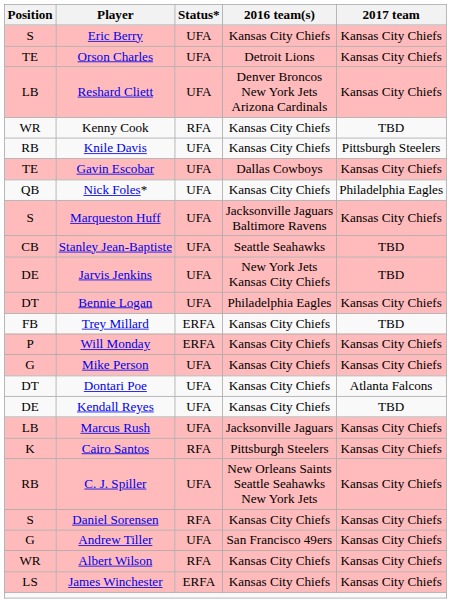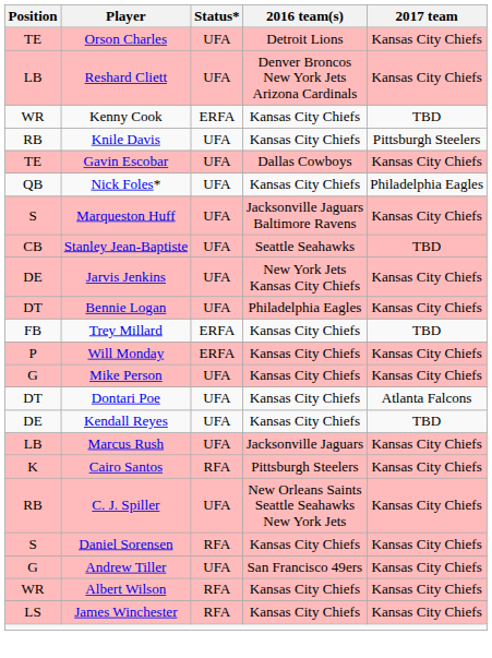 <table class="wikitable sortable">
 <tr>
 <th>Position</th>
 <th>Player</th>
 <th>Status*</th>
 <th>2016 team(s)</th>
 <th>2017 team</th>
-</tr>
-<tr style="text-align:center; background:#fbb">
-<td>S</td>
-<td><a href='#'>Eric Berry</a></td>
-<td>UFA</td>
-<td>Kansas City Chiefs</td>
-<td>Kansas City Chiefs</td>
 </tr>
 <tr style="text-align:center; background:#fbb">
 <td>TE</td>
 <td><a href='#'>Orson Charles</a></td>
 <td>UFA</td>
 <td>Detroit Lions</td>
 <td>Kansas City Chiefs</td>
 </tr>
 <tr style="text-align:center; background:#fbb">
 <td>LB</td>
 <td><a href='#'>Reshard Cliett</a></td>
 <td>UFA</td>
 <td>Denver Broncos<br>New York Jets<br>Arizona Cardinals</td>
 <td>Kansas City Chiefs</td>
 </tr>
 <tr style="text-align:center">
 <td>WR</td>
 <td>Kenny Cook</td>
-<td>RFA</td>
+<td>ERFA</td>
 <td>Kansas City Chiefs</td>
 <td>TBD</td>
 </tr>
 <tr style="text-align:center">
 <td>RB</td>
 <td><a href='#'>Knile Davis</a></td>
 <td>UFA</td>
 <td>Kansas City Chiefs</td>
 <td>Pittsburgh Steelers</td>
 </tr>
 <tr style="text-align:center; background:#fbb">
 <td>TE</td>
 <td><a href='#'>Gavin Escobar</a></td>
 <td>UFA</td>
 <td>Dallas Cowboys</td>
 <td>Kansas City Chiefs</td>
 </tr>
 <tr style="text-align:center">
 <td>QB</td>
 <td><a href='#'>Nick Foles</a>*</td>
 <td>UFA</td>
 <td>Kansas City Chiefs</td>
 <td>Philadelphia Eagles</td>
 </tr>
 <tr style="text-align:center; background:#fbb">
 <td>S</td>
 <td><a href='#'>Marqueston Huff</a></td>
 <td>UFA</td>
 <td>Jacksonville Jaguars<br>Baltimore Ravens</td>
 <td>Kansas City Chiefs</td>
 </tr>
 <tr style="text-align:center; background:#fbb">
 <td>CB</td>
 <td><a href='#'>Stanley Jean-Baptiste</a></td>
 <td>UFA</td>
 <td>Seattle Seahawks</td>
 <td>TBD</td>
 </tr>
 <tr style="text-align:center; background:#fbb">
 <td>DE</td>
 <td><a href='#'>Jarvis Jenkins</a></td>
 <td>UFA</td>
 <td>New York Jets<br>Kansas City Chiefs</td>
-<td>TBD</td>
+<td>Kansas City Chiefs</td>
 </tr>
 <tr style="text-align:center; background:#fbb">
 <td>DT</td>
 <td><a href='#'>Bennie Logan</a></td>
 <td>UFA</td>
 <td>Philadelphia Eagles</td>
 <td>Kansas City Chiefs</td>
 </tr>
 <tr style="text-align:center">
 <td>FB</td>
 <td><a href='#'>Trey Millard</a></td>
 <td>ERFA</td>
 <td>Kansas City Chiefs</td>
 <td>TBD</td>
 </tr>
 <tr style="text-align:center; background:#fbb">
 <td>P</td>
 <td><a href='#'>Will Monday</a></td>
 <td>ERFA</td>
 <td>Kansas City Chiefs</td>
 <td>Kansas City Chiefs</td>
 </tr>
 <tr style="text-align:center; background:#fbb">
 <td>G</td>
 <td><a href='#'>Mike Person</a></td>
 <td>UFA</td>
 <td>Kansas City Chiefs</td>
 <td>Kansas City Chiefs</td>
 </tr>
 <tr style="text-align:center">
 <td>DT</td>
 <td><a href='#'>Dontari Poe</a></td>
 <td>UFA</td>
 <td>Kansas City Chiefs</td>
 <td>Atlanta Falcons</td>
 </tr>
 <tr style="text-align:center">
 <td>DE</td>
 <td><a href='#'>Kendall Reyes</a></td>
 <td>UFA</td>
 <td>Kansas City Chiefs</td>
 <td>TBD</td>
 </tr>
 <tr style="text-align:center; background:#fbb">
 <td>LB</td>
 <td><a href='#'>Marcus Rush</a></td>
 <td>UFA</td>
 <td>Jacksonville Jaguars</td>
 <td>Kansas City Chiefs</td>
 </tr>
 <tr style="text-align:center; background:#fbb">
 <td>K</td>
 <td><a href='#'>Cairo Santos</a></td>
 <td>RFA</td>
 <td>Pittsburgh Steelers</td>
 <td>Kansas City Chiefs</td>
 </tr>
 <tr style="text-align:center; background:#fbb">
 <td>RB</td>
 <td><a href='#'>C. J. Spiller</a></td>
 <td>UFA</td>
 <td>New Orleans Saints<br>Seattle Seahawks<br>New York Jets</td>
 <td>Kansas City Chiefs</td>
 </tr>
 <tr style="text-align:center; background:#fbb">
 <td>S</td>
 <td><a href='#'>Daniel Sorensen</a></td>
 <td>RFA</td>
 <td>Kansas City Chiefs</td>
 <td>Kansas City Chiefs</td>
 </tr>
 <tr style="text-align:center; background:#fbb">
 <td>G</td>
 <td><a href='#'>Andrew Tiller</a></td>
 <td>UFA</td>
 <td>San Francisco 49ers</td>
 <td>Kansas City Chiefs</td>
 </tr>
 <tr style="text-align:center; background:#fbb">
 <td>WR</td>
 <td><a href='#'>Albert Wilson</a></td>
 <td>RFA</td>
 <td>Kansas City Chiefs</td>
 <td>Kansas City Chiefs</td>
 </tr>
 <tr style="text-align:center; background:#fbb">
 <td>LS</td>
 <td><a href='#'>James Winchester</a></td>
-<td>ERFA</td>
+<td>RFA</td>
 <td>Kansas City Chiefs</td>
 <td>Kansas City Chiefs</td>
 </tr>
 <tr>
 <td colspan=5></td>
 </tr>
 </table>
